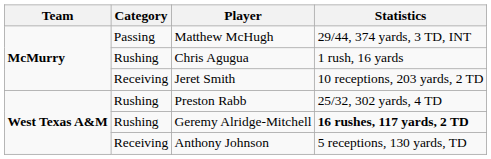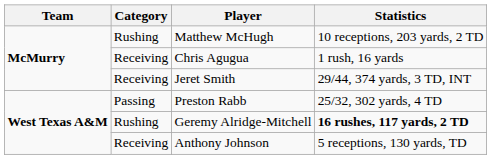 <table class="wikitable" style="float: left;">
 <tr>
 <th>Team</th>
 <th>Category</th>
 <th>Player</th>
 <th>Statistics</th>
 </tr>
 <tr>
 <td rowspan=3><strong>McMurry</strong></td>
-<td>Passing</td>
+<td>Rushing</td>
 <td>Matthew McHugh</td>
-<td>29/44, 374 yards, 3 TD, INT</td>
+<td>10 receptions, 203 yards, 2 TD</td>
 </tr>
 <tr>
-<td>Rushing</td>
+<td>Receiving</td>
 <td>Chris Agugua</td>
 <td>1 rush, 16 yards</td>
 </tr>
 <tr>
 <td>Receiving</td>
 <td>Jeret Smith</td>
-<td>10 receptions, 203 yards, 2 TD</td>
+<td>29/44, 374 yards, 3 TD, INT</td>
 </tr>
 <tr>
 <td rowspan=3><strong>West Texas A&M</strong></td>
-<td>Rushing</td>
+<td>Passing</td>
 <td>Preston Rabb</td>
 <td>25/32, 302 yards, 4 TD</td>
 </tr>
 <tr>
 <td>Rushing</td>
 <td>Geremy Alridge-Mitchell</td>
 <td><strong>16 rushes, 117 yards, 2 TD</strong></td>
 </tr>
 <tr>
 <td>Receiving</td>
 <td>Anthony Johnson</td>
 <td>5 receptions, 130 yards, TD</td>
 </tr>
 </table>
